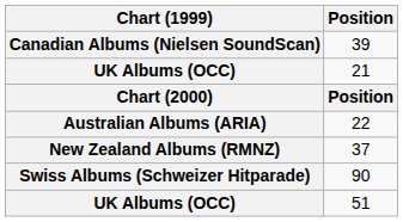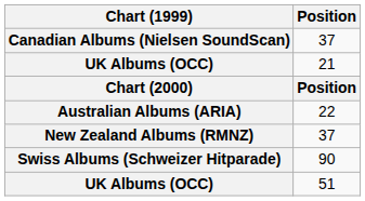 <table class="wikitable plainrowheaders">
 <tr>
 <th>Chart (1999)</th>
 <th>Position</th>
 </tr>
 <tr>
 <th scope="row">Canadian Albums (Nielsen SoundScan)</th>
-<td align="center">39</td>
+<td align="center">37</td>
 </tr>
 <tr>
 <th scope="row">UK Albums (OCC)</th>
 <td align="center">21</td>
 </tr>
 <tr>
 <th>Chart (2000)</th>
 <th>Position</th>
 </tr>
 <tr>
 <th scope="row">Australian Albums (ARIA)</th>
 <td align="center">22</td>
 </tr>
 <tr>
 <th scope="row">New Zealand Albums (RMNZ)</th>
 <td align="center">37</td>
 </tr>
 <tr>
 <th scope="row">Swiss Albums (Schweizer Hitparade)</th>
 <td align="center">90</td>
 </tr>
 <tr>
 <th scope="row">UK Albums (OCC)</th>
 <td align="center">51</td>
 </tr>
 </table>
